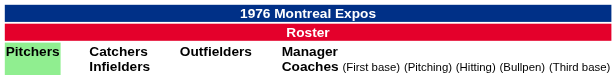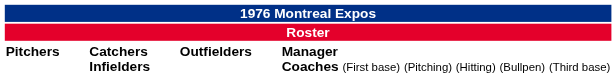 <table class="toccolours" style="font-size: 95%;">
 <tr>
 <th colspan="10" style="background-color: #003087; color: #FFFFFF; text-align: center;">1976 Montreal Expos</th>
 </tr>
 <tr>
 <td colspan="10" style="background-color: #E4002B; color: #FFFFFF; text-align: center;"><strong>Roster</strong></td>
 </tr>
 <tr>
-<td valign="top" style="background: lightgreen;"><strong>Pitchers</strong><br>                  </td>
+<td valign="top"><strong>Pitchers</strong><br>                  </td>
 <td width="25px"></td>
 <td valign="top"><strong>Catchers</strong><br>   <strong>Infielders</strong>             </td>
 <td width="25px"></td>
 <td valign="top"><strong>Outfielders</strong><br>           </td>
 <td width="25px"></td>
 <td valign="top"><strong>Manager</strong><br>  <strong>Coaches</strong>  <small>(First base)</small>  <small>(Pitching)</small>  <small>(Hitting)</small>  <small>(Bullpen)</small>  <small>(Third base)</small></td>
 </tr>
 <tr>
 </tr>
 </table>
